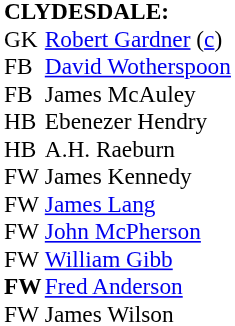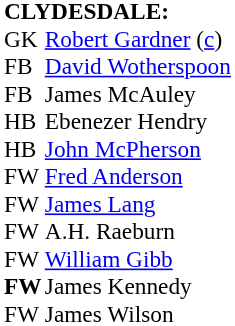 <table style="font-size: 90%" cellspacing="0" cellpadding="0" align=centre>
 <tr>
 <td colspan="2"><strong>CLYDESDALE:</strong></td>
 </tr>
 <tr>
 <td>GK</td>
 <td><a href='#'>Robert Gardner</a> (<a href='#'>c</a>)</td>
 </tr>
 <tr>
 <td>FB</td>
 <td><a href='#'>David Wotherspoon</a></td>
 </tr>
 <tr>
 <td>FB</td>
 <td>James McAuley</td>
 </tr>
 <tr>
 <td>HB</td>
 <td>Ebenezer Hendry</td>
 </tr>
 <tr>
 <td>HB</td>
-<td>A.H. Raeburn</td>
+<td><a href='#'>John McPherson</a></td>
 </tr>
 <tr>
 <td>FW </td>
-<td>James Kennedy</td>
+<td><a href='#'>Fred Anderson</a></td>
 </tr>
 <tr>
 <td>FW</td>
 <td><a href='#'>James Lang</a></td>
 </tr>
 <tr>
 <td>FW</td>
-<td><a href='#'>John McPherson</a></td>
+<td>A.H. Raeburn</td>
 </tr>
 <tr>
 <td>FW</td>
 <td><a href='#'>William Gibb</a></td>
 </tr>
 <tr>
 <td><strong>FW</strong></td>
-<td><a href='#'>Fred Anderson</a></td>
+<td>James Kennedy</td>
 </tr>
 <tr>
 <td>FW</td>
 <td>James Wilson</td>
 </tr>
 <tr>
 <td colspan=2></td>
 </tr>
 <tr>
 <td colspan="2"></td>
 </tr>
 </table>
